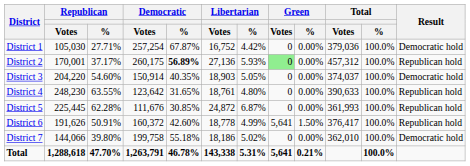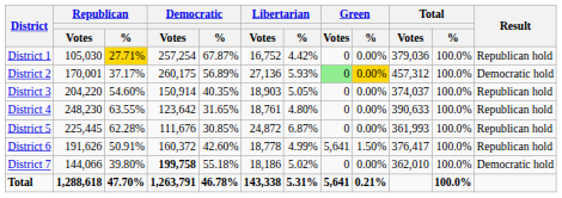 <table class="wikitable plainrowheaders sortable" style="font-size:100%; text-align:right;">
 <tr>
 <th scope=col rowspan=3><a href='#'>District</a></th>
 <th scope=col colspan=2><a href='#'>Republican</a></th>
 <th scope=col colspan=2><a href='#'>Democratic</a></th>
 <th scope=col colspan=2><a href='#'>Libertarian</a></th>
 <th scope=col colspan=2><a href='#'>Green</a></th>
 <th scope=col colspan=2>Total</th>
 <th scope=col rowspan=3>Result</th>
 </tr>
 <tr>
 <th scope=col colspan=2 style="background:"></th>
 <th scope=col colspan=2 style="background:"></th>
 <th scope=col colspan=2 style="background:"></th>
 <th scope=col colspan=2 style="background:"></th>
 <th scope=col colspan=2></th>
 </tr>
 <tr>
 <th scope=col data-sort-type="number">Votes</th>
 <th scope=col data-sort-type="number">%</th>
 <th scope=col data-sort-type="number">Votes</th>
 <th scope=col data-sort-type="number">%</th>
 <th scope=col data-sort-type="number">Votes</th>
 <th scope=col data-sort-type="number">%</th>
 <th scope=col data-sort-type="number">Votes</th>
 <th scope=col data-sort-type="number">%</th>
 <th scope=col data-sort-type="number">Votes</th>
 <th scope=col data-sort-type="number">%</th>
 </tr>
 <tr>
 <td align=left><a href='#'>District 1</a></td>
 <td>105,030</td>
-<td>27.71%</td>
+<td style="background: gold;">27.71%</td>
 <td>257,254</td>
 <td>67.87%</td>
 <td>16,752</td>
 <td>4.42%</td>
 <td>0</td>
 <td>0.00%</td>
 <td>379,036</td>
 <td>100.0%</td>
-<td align=left>Democratic hold</td>
+<td align=left>Republican hold</td>
 </tr>
 <tr>
 <td align=left><a href='#'>District 2</a></td>
 <td>170,001</td>
 <td>37.17%</td>
 <td>260,175</td>
-<td><strong>56.89%</strong></td>
+<td>56.89%</td>
 <td>27,136</td>
 <td>5.93%</td>
 <td style="background: lightgreen;">0</td>
-<td>0.00%</td>
+<td style="background: gold;">0.00%</td>
 <td>457,312</td>
 <td>100.0%</td>
-<td align=left>Republican hold</td>
+<td align=left>Democratic hold</td>
 </tr>
 <tr>
 <td align=left><a href='#'>District 3</a></td>
 <td>204,220</td>
 <td>54.60%</td>
 <td>150,914</td>
 <td>40.35%</td>
 <td>18,903</td>
 <td>5.05%</td>
 <td>0</td>
 <td>0.00%</td>
 <td>374,037</td>
 <td>100.0%</td>
-<td align=left>Democratic hold</td>
+<td align=left>Republican hold</td>
 </tr>
 <tr>
 <td align=left><a href='#'>District 4</a></td>
 <td>248,230</td>
 <td>63.55%</td>
 <td>123,642</td>
 <td>31.65%</td>
 <td>18,761</td>
 <td>4.80%</td>
 <td>0</td>
 <td>0.00%</td>
 <td>390,633</td>
 <td>100.0%</td>
 <td align=left>Republican hold</td>
 </tr>
 <tr>
 <td align=left><a href='#'>District 5</a></td>
 <td>225,445</td>
 <td>62.28%</td>
 <td>111,676</td>
 <td>30.85%</td>
 <td>24,872</td>
 <td>6.87%</td>
 <td>0</td>
 <td>0.00%</td>
 <td>361,993</td>
 <td>100.0%</td>
 <td align=left>Republican hold</td>
 </tr>
 <tr>
 <td align=left><a href='#'>District 6</a></td>
 <td>191,626</td>
 <td>50.91%</td>
 <td>160,372</td>
 <td>42.60%</td>
 <td>18,778</td>
 <td>4.99%</td>
 <td>5,641</td>
 <td>1.50%</td>
 <td>376,417</td>
 <td>100.0%</td>
 <td align=left>Republican hold</td>
 </tr>
 <tr>
 <td align=left><a href='#'>District 7</a></td>
 <td>144,066</td>
 <td>39.80%</td>
-<td>199,758</td>
+<td><strong>199,758</strong></td>
 <td>55.18%</td>
 <td>18,186</td>
 <td>5.02%</td>
 <td>0</td>
 <td>0.00%</td>
 <td>362,010</td>
 <td>100.0%</td>
 <td align=left>Democratic hold</td>
 </tr>
 <tr class="sortbottom" style="font-weight:bold">
 <td align=left>Total</td>
 <td>1,288,618</td>
 <td>47.70%</td>
 <td>1,263,791</td>
 <td>46.78%</td>
 <td>143,338</td>
 <td>5.31%</td>
 <td>5,641</td>
 <td>0.21%</td>
 <td></td>
 <td>100.0%</td>
 <td></td>
 </tr>
 </table>
